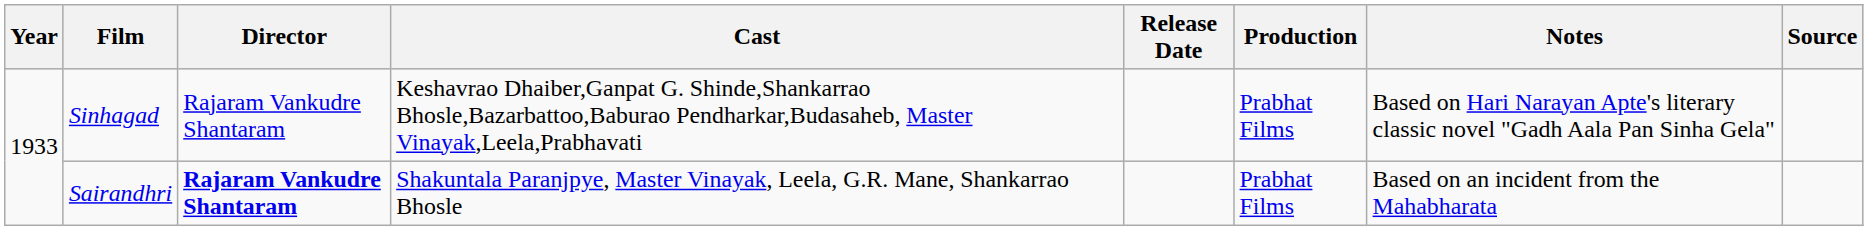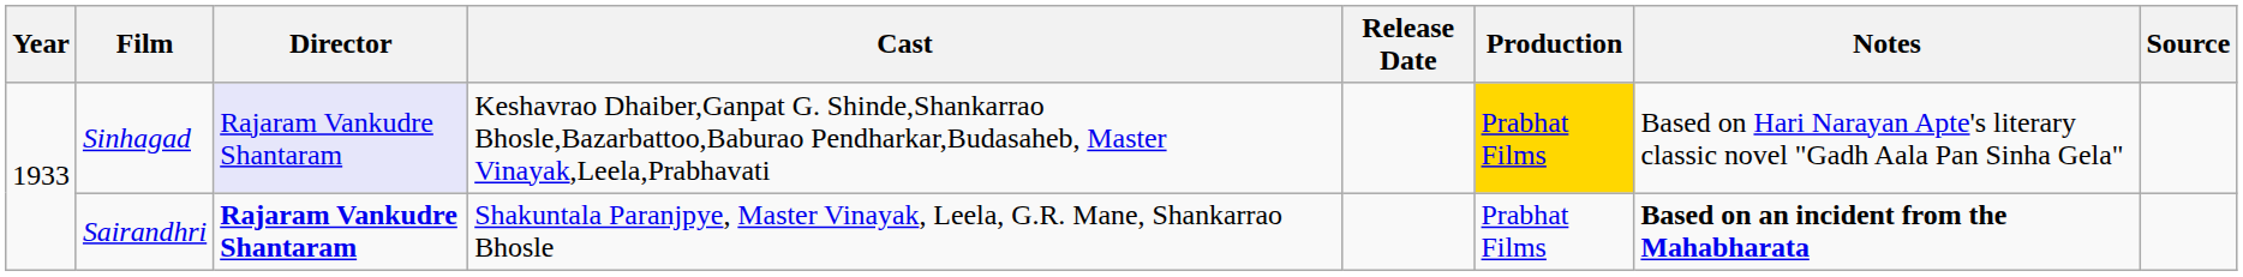 <table class ="wikitable sortable collapsible">
 <tr>
 <th>Year</th>
 <th>Film</th>
 <th>Director</th>
 <th class="unsortable">Cast</th>
 <th>Release Date</th>
 <th class="unsortable">Production</th>
 <th class="unsortable">Notes</th>
 <th class="unsortable">Source</th>
 </tr>
 <tr>
 <td rowspan=2 align="center">1933</td>
 <td><em><a href='#'>Sinhagad</a></em></td>
-<td><a href='#'>Rajaram Vankudre Shantaram</a></td>
+<td style="background: lavender;"><a href='#'>Rajaram Vankudre Shantaram</a></td>
 <td>Keshavrao Dhaiber,Ganpat G. Shinde,Shankarrao Bhosle,Bazarbattoo,Baburao Pendharkar,Budasaheb, <a href='#'>Master Vinayak</a>,Leela,Prabhavati</td>
 <td></td>
-<td><a href='#'>Prabhat Films</a></td>
+<td style="background: gold;"><a href='#'>Prabhat Films</a></td>
 <td>Based on <a href='#'>Hari Narayan Apte</a>'s literary classic novel "Gadh Aala Pan Sinha Gela"</td>
 <td></td>
 </tr>
 <tr>
 <td><em><a href='#'>Sairandhri</a></em></td>
 <td><strong><a href='#'>Rajaram Vankudre Shantaram</a></strong></td>
 <td><a href='#'>Shakuntala Paranjpye</a>, <a href='#'>Master Vinayak</a>, Leela, G.R. Mane, Shankarrao Bhosle</td>
 <td></td>
 <td><a href='#'>Prabhat Films</a></td>
-<td>Based on an incident from the <a href='#'>Mahabharata</a></td>
+<td><strong>Based on an incident from the <a href='#'>Mahabharata</a></strong></td>
 <td></td>
 </tr>
 </table>
